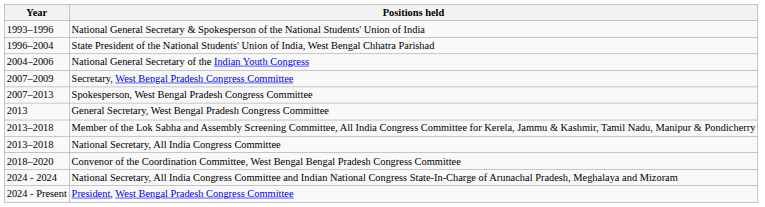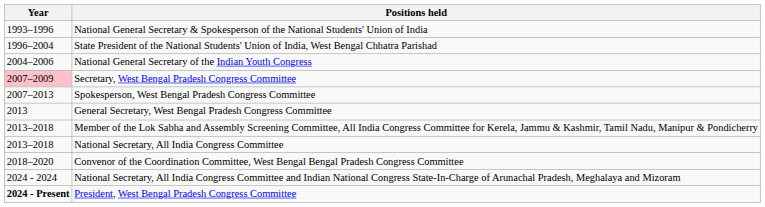 <table class="wikitable">
 <tr>
 <th>Year</th>
 <th>Positions held</th>
 </tr>
 <tr>
 <td>1993–1996</td>
 <td>National General Secretary & Spokesperson of the National Students' Union of India</td>
 </tr>
 <tr>
 <td>1996–2004</td>
 <td>State President of the National Students' Union of India, West Bengal Chhatra Parishad</td>
 </tr>
 <tr>
 <td>2004–2006</td>
 <td>National General Secretary of the <a href='#'>Indian Youth Congress</a></td>
 </tr>
 <tr>
-<td>2007–2009</td>
+<td style="background: pink;">2007–2009</td>
 <td>Secretary, <a href='#'>West Bengal Pradesh Congress Committee</a></td>
 </tr>
 <tr>
 <td>2007–2013</td>
 <td>Spokesperson, West Bengal Pradesh Congress Committee</td>
 </tr>
 <tr>
 <td>2013</td>
 <td>General Secretary, West Bengal Pradesh Congress Committee</td>
 </tr>
 <tr>
 <td>2013–2018</td>
 <td>Member of the Lok Sabha and Assembly Screening Committee, All India Congress Committee for Kerela, Jammu & Kashmir, Tamil Nadu, Manipur & Pondicherry</td>
 </tr>
 <tr>
 <td>2013–2018</td>
 <td>National Secretary, All India Congress Committee</td>
 </tr>
 <tr>
 <td>2018–2020</td>
 <td>Convenor of the Coordination Committee, West Bengal Bengal Pradesh Congress Committee</td>
 </tr>
 <tr>
 <td>2024 - 2024</td>
 <td>National Secretary, All India Congress Committee and Indian National Congress State-In-Charge of Arunachal Pradesh, Meghalaya and Mizoram</td>
 </tr>
 <tr>
-<td>2024 - Present</td>
+<td><strong>2024 - Present</strong></td>
 <td><a href='#'>President</a>, <a href='#'>West Bengal Pradesh Congress Committee</a></td>
 </tr>
 </table>
